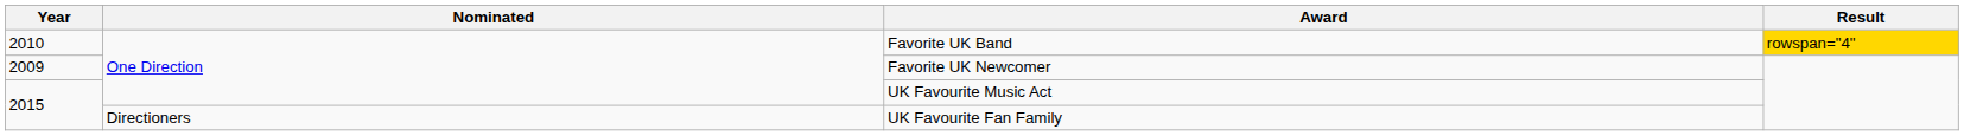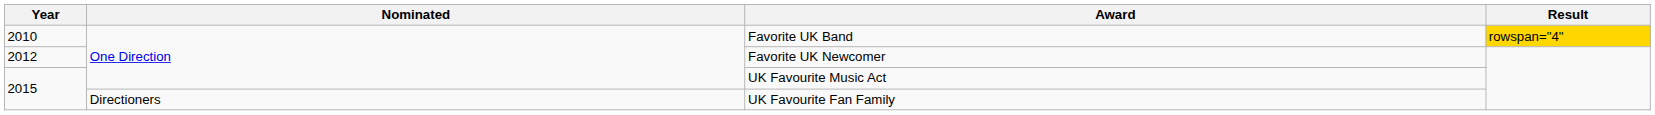 <table class="wikitable" style="width:100%;">
 <tr>
 <th width=5%>Year</th>
 <th style="width:40%;">Nominated</th>
 <th style="width:45%;">Award</th>
 <th style="width:10%;">Result</th>
 </tr>
 <tr>
 <td>2010</td>
 <td rowspan="3"><a href='#'>One Direction</a></td>
 <td>Favorite UK Band</td>
 <td style="background: gold;">rowspan="4"  </td>
 </tr>
 <tr>
-<td>2009</td>
+<td>2012</td>
 <td>Favorite UK Newcomer</td>
 </tr>
 <tr>
 <td rowspan="2">2015</td>
 <td>UK Favourite Music Act</td>
 </tr>
 <tr>
 <td>Directioners</td>
 <td>UK Favourite Fan Family</td>
 </tr>
 </table>
